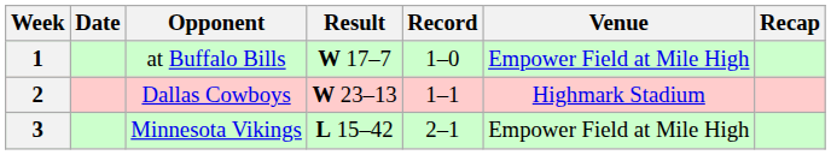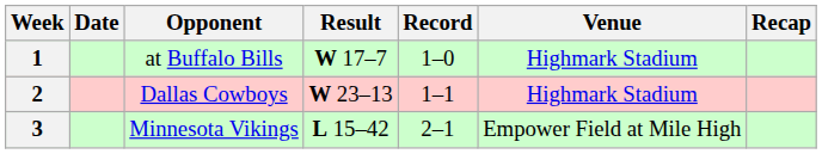 <table class="wikitable" style="text-align:center">
 <tr>
 <th>Week</th>
 <th>Date</th>
 <th>Opponent</th>
 <th>Result</th>
 <th>Record</th>
 <th>Venue</th>
 <th>Recap</th>
 </tr>
 <tr style="background:#cfc">
 <th>1</th>
 <td></td>
 <td>at <a href='#'>Buffalo Bills</a></td>
 <td><strong>W</strong> 17–7</td>
 <td>1–0</td>
-<td><a href='#'>Empower Field at Mile High</a></td>
+<td><a href='#'>Highmark Stadium</a></td>
 <td></td>
 </tr>
 <tr style="background:#fcc">
 <th>2</th>
 <td></td>
 <td><a href='#'>Dallas Cowboys</a></td>
 <td><strong>W</strong> 23–13</td>
 <td>1–1</td>
 <td><a href='#'>Highmark Stadium</a></td>
 <td></td>
 </tr>
 <tr style="background:#cfc">
 <th>3</th>
 <td></td>
 <td><a href='#'>Minnesota Vikings</a></td>
 <td><strong>L</strong> 15–42</td>
 <td>2–1</td>
 <td>Empower Field at Mile High</td>
 <td></td>
 </tr>
 </table>
